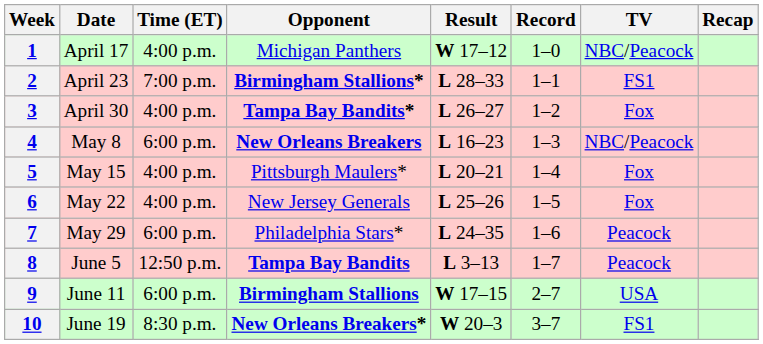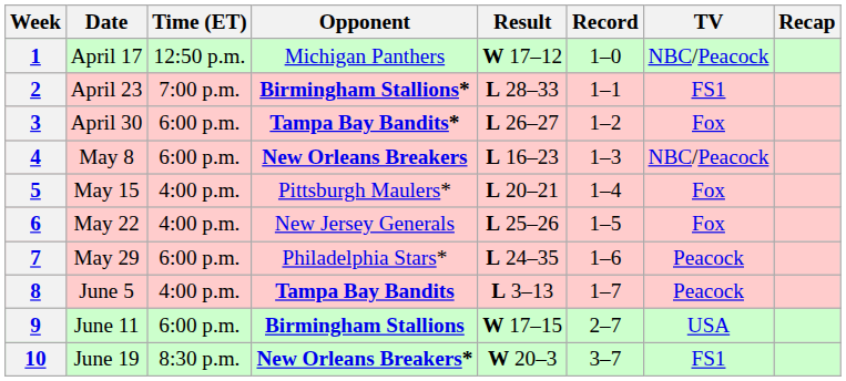 <table class="wikitable" style="text-align:center">
 <tr>
 <th>Week</th>
 <th>Date</th>
 <th>Time (ET)</th>
 <th>Opponent</th>
 <th>Result</th>
 <th>Record</th>
 <th>TV</th>
 <th>Recap</th>
 </tr>
 <tr style="background:#ccffcc">
 <th><a href='#'>1</a></th>
 <td>April 17</td>
-<td>4:00 p.m.</td>
+<td>12:50 p.m.</td>
 <td><a href='#'>Michigan Panthers</a></td>
 <td><strong>W</strong> 17–12</td>
 <td>1–0</td>
 <td><a href='#'>NBC</a>/<a href='#'>Peacock</a></td>
 <td></td>
 </tr>
 <tr style="background:#ffcccc">
 <th><a href='#'>2</a></th>
 <td>April 23</td>
 <td>7:00 p.m.</td>
 <td><strong><a href='#'>Birmingham Stallions</a>*</strong></td>
 <td><strong>L</strong> 28–33</td>
 <td>1–1</td>
 <td><a href='#'>FS1</a></td>
 <td></td>
 </tr>
 <tr style="background:#ffcccc">
 <th><a href='#'>3</a></th>
 <td>April 30</td>
-<td>4:00 p.m.</td>
+<td>6:00 p.m.</td>
 <td><strong><a href='#'>Tampa Bay Bandits</a>*</strong></td>
 <td><strong>L</strong> 26–27</td>
 <td>1–2</td>
 <td><a href='#'>Fox</a></td>
 <td></td>
 </tr>
 <tr style="background:#ffcccc">
 <th><a href='#'>4</a></th>
 <td>May 8</td>
 <td>6:00 p.m.</td>
 <td><strong><a href='#'>New Orleans Breakers</a></strong></td>
 <td><strong>L</strong> 16–23</td>
 <td>1–3</td>
 <td><a href='#'>NBC</a>/<a href='#'>Peacock</a></td>
 <td></td>
 </tr>
 <tr style="background:#ffcccc">
 <th><a href='#'>5</a></th>
 <td>May 15</td>
 <td>4:00 p.m.</td>
 <td><a href='#'>Pittsburgh Maulers</a>*</td>
 <td><strong>L</strong> 20–21</td>
 <td>1–4</td>
 <td><a href='#'>Fox</a></td>
 <td></td>
 </tr>
 <tr style="background:#ffcccc">
 <th><a href='#'>6</a></th>
 <td>May 22</td>
 <td>4:00 p.m.</td>
 <td><a href='#'>New Jersey Generals</a></td>
 <td><strong>L</strong> 25–26</td>
 <td>1–5</td>
 <td><a href='#'>Fox</a></td>
 <td></td>
 </tr>
 <tr style="background:#ffcccc">
 <th><a href='#'>7</a></th>
 <td>May 29</td>
 <td>6:00 p.m.</td>
 <td><a href='#'>Philadelphia Stars</a>*</td>
 <td><strong>L</strong> 24–35</td>
 <td>1–6</td>
 <td><a href='#'>Peacock</a></td>
 <td></td>
 </tr>
 <tr style="background:#ffcccc">
 <th><a href='#'>8</a></th>
 <td>June 5</td>
-<td>12:50 p.m.</td>
+<td>4:00 p.m.</td>
 <td><strong><a href='#'>Tampa Bay Bandits</a></strong></td>
 <td><strong>L</strong> 3–13</td>
 <td>1–7</td>
 <td><a href='#'>Peacock</a></td>
 <td></td>
 </tr>
 <tr style="background:#ccffcc">
 <th><a href='#'>9</a></th>
 <td>June 11</td>
 <td>6:00 p.m.</td>
 <td><strong><a href='#'>Birmingham Stallions</a></strong></td>
 <td><strong>W</strong> 17–15</td>
 <td>2–7</td>
 <td><a href='#'>USA</a></td>
 <td></td>
 </tr>
 <tr style="background:#ccffcc">
 <th><a href='#'>10</a></th>
 <td>June 19</td>
 <td>8:30 p.m.</td>
 <td><strong><a href='#'>New Orleans Breakers</a>*</strong></td>
 <td><strong>W</strong> 20–3</td>
 <td>3–7</td>
 <td><a href='#'>FS1</a></td>
 <td></td>
 </tr>
 </table>
